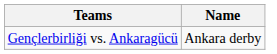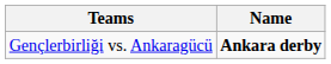 <table class="wikitable">
 <tr>
 <th>Teams</th>
 <th>Name</th>
 </tr>
 <tr>
 <td><a href='#'>Gençlerbirliği</a> vs. <a href='#'>Ankaragücü</a></td>
-<td>Ankara derby</td>
+<td><strong>Ankara derby</strong></td>
 </tr>
 </table>
